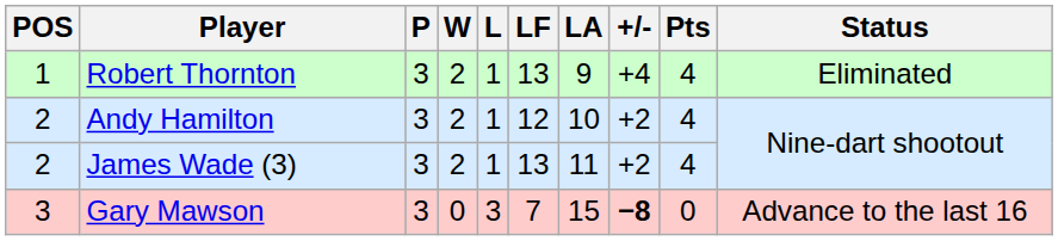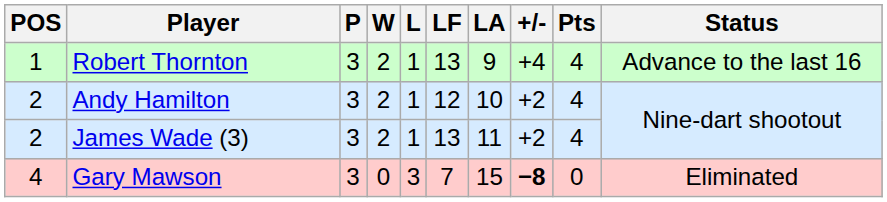 <table class="wikitable" style="text-align:center; margin: 1em auto 1em auto, align:left">
 <tr>
 <th width=20>POS</th>
 <th width=173>Player</th>
 <th width=3>P</th>
 <th width=3>W</th>
 <th width=3>L</th>
 <th width=20>LF</th>
 <th width=20>LA</th>
 <th width=20>+/-</th>
 <th width=20>Pts</th>
 <th width=179>Status</th>
 </tr>
 <tr style="background:#CCFFCC;">
 <td>1</td>
 <td style="text-align:left;"> <a href='#'>Robert Thornton</a></td>
 <td>3</td>
 <td>2</td>
 <td>1</td>
 <td>13</td>
 <td>9</td>
 <td>+4</td>
 <td>4</td>
-<td>Eliminated</td>
+<td>Advance to the last 16</td>
 </tr>
 <tr style="background:#D6EBFF;”">
 <td>2</td>
 <td style="text-align:left;"> <a href='#'>Andy Hamilton</a></td>
 <td>3</td>
 <td>2</td>
 <td>1</td>
 <td>12</td>
 <td>10</td>
 <td>+2</td>
 <td>4</td>
 <td rowspan=2>Nine-dart shootout</td>
 </tr>
 <tr style="background:#D6EBFF;”">
 <td>2</td>
 <td style="text-align:left;"> <a href='#'>James Wade</a> (3)</td>
 <td>3</td>
 <td>2</td>
 <td>1</td>
 <td>13</td>
 <td>11</td>
 <td>+2</td>
 <td>4</td>
 </tr>
 <tr style="background:#FFCCCC;">
-<td>3</td>
+<td>4</td>
 <td style="text-align:left;"> <a href='#'>Gary Mawson</a></td>
 <td>3</td>
 <td>0</td>
 <td>3</td>
 <td>7</td>
 <td>15</td>
 <td><strong>−8</strong></td>
 <td>0</td>
-<td>Advance to the last 16</td>
+<td>Eliminated</td>
 </tr>
 </table>
